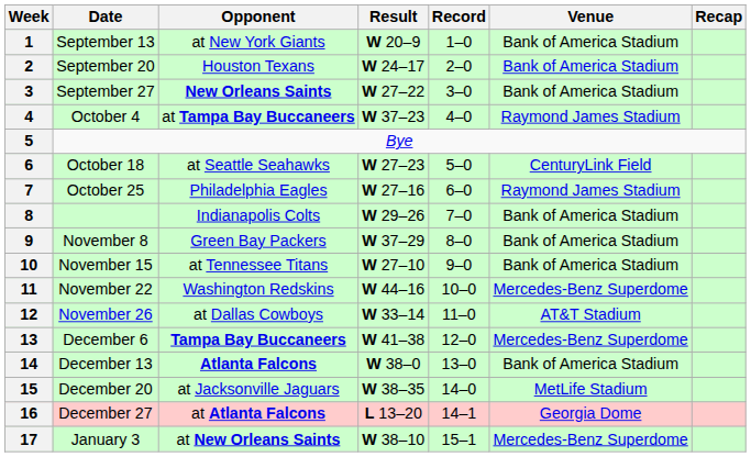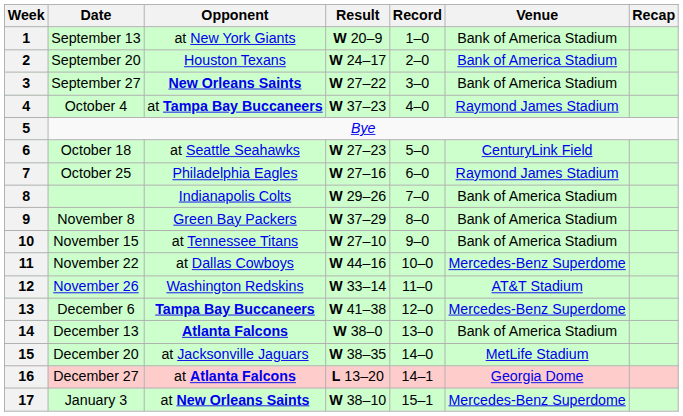 <table class="wikitable" style="text-align:center">
 <tr>
 <th>Week</th>
 <th>Date</th>
 <th>Opponent</th>
 <th>Result</th>
 <th>Record</th>
 <th>Venue</th>
 <th>Recap</th>
 </tr>
 <tr style="background:#cfc">
 <th>1</th>
 <td>September 13</td>
 <td>at <a href='#'>New York Giants</a></td>
 <td><strong>W</strong> 20–9</td>
 <td>1–0</td>
 <td>Bank of America Stadium</td>
 <td></td>
 </tr>
 <tr style="background:#cfc">
 <th>2</th>
 <td>September 20</td>
 <td><a href='#'>Houston Texans</a></td>
 <td><strong>W</strong> 24–17</td>
 <td>2–0</td>
 <td><a href='#'>Bank of America Stadium</a></td>
 <td></td>
 </tr>
 <tr style="background:#cfc">
 <th>3</th>
 <td>September 27</td>
 <td><strong><a href='#'>New Orleans Saints</a></strong></td>
 <td><strong>W</strong> 27–22</td>
 <td>3–0</td>
 <td>Bank of America Stadium</td>
 <td></td>
 </tr>
 <tr style="background:#cfc">
 <th>4</th>
 <td>October 4</td>
 <td>at <strong><a href='#'>Tampa Bay Buccaneers</a></strong></td>
 <td><strong>W</strong> 37–23</td>
 <td>4–0</td>
 <td><a href='#'>Raymond James Stadium</a></td>
 <td></td>
 </tr>
 <tr>
 <th>5</th>
 <td colspan="6"><em><a href='#'>Bye</a></em></td>
 </tr>
 <tr style="background:#cfc">
 <th>6</th>
 <td>October 18</td>
 <td>at <a href='#'>Seattle Seahawks</a></td>
 <td><strong>W</strong> 27–23</td>
 <td>5–0</td>
 <td><a href='#'>CenturyLink Field</a></td>
 <td></td>
 </tr>
 <tr style="background:#cfc">
 <th>7</th>
 <td>October 25</td>
 <td><a href='#'>Philadelphia Eagles</a></td>
 <td><strong>W</strong> 27–16</td>
 <td>6–0</td>
 <td><a href='#'>Raymond James Stadium</a></td>
 <td></td>
 </tr>
 <tr style="background:#cfc">
 <th>8</th>
 <td></td>
 <td><a href='#'>Indianapolis Colts</a></td>
 <td><strong>W</strong> 29–26 </td>
 <td>7–0</td>
 <td>Bank of America Stadium</td>
 <td></td>
 </tr>
 <tr style="background:#cfc">
 <th>9</th>
 <td>November 8</td>
 <td><a href='#'>Green Bay Packers</a></td>
 <td><strong>W</strong> 37–29</td>
 <td>8–0</td>
 <td>Bank of America Stadium</td>
 <td></td>
 </tr>
 <tr style="background:#cfc">
 <th>10</th>
 <td>November 15</td>
 <td>at <a href='#'>Tennessee Titans</a></td>
 <td><strong>W</strong> 27–10</td>
 <td>9–0</td>
 <td>Bank of America Stadium</td>
 <td></td>
 </tr>
 <tr style="background:#cfc">
 <th>11</th>
 <td>November 22</td>
-<td><a href='#'>Washington Redskins</a></td>
+<td>at <a href='#'>Dallas Cowboys</a></td>
 <td><strong>W</strong> 44–16</td>
 <td>10–0</td>
 <td><a href='#'>Mercedes-Benz Superdome</a></td>
 <td></td>
 </tr>
 <tr style="background:#cfc">
 <th>12</th>
 <td><a href='#'>November 26</a></td>
-<td>at <a href='#'>Dallas Cowboys</a></td>
+<td><a href='#'>Washington Redskins</a></td>
 <td><strong>W</strong> 33–14</td>
 <td>11–0</td>
 <td><a href='#'>AT&T Stadium</a></td>
 <td></td>
 </tr>
 <tr style="background:#cfc">
 <th>13</th>
 <td>December 6</td>
 <td><strong><a href='#'>Tampa Bay Buccaneers</a></strong></td>
 <td><strong>W</strong> 41–38</td>
 <td>12–0</td>
 <td><a href='#'>Mercedes-Benz Superdome</a></td>
 <td></td>
 </tr>
 <tr style="background:#cfc">
 <th>14</th>
 <td>December 13</td>
 <td><strong><a href='#'>Atlanta Falcons</a></strong></td>
 <td><strong>W</strong> 38–0</td>
 <td>13–0</td>
 <td>Bank of America Stadium</td>
 <td></td>
 </tr>
 <tr style="background:#cfc">
 <th>15</th>
 <td>December 20</td>
 <td>at <a href='#'>Jacksonville Jaguars</a></td>
 <td><strong>W</strong> 38–35</td>
 <td>14–0</td>
 <td><a href='#'>MetLife Stadium</a></td>
 <td></td>
 </tr>
 <tr style="background:#fcc">
 <th>16</th>
 <td>December 27</td>
 <td>at <strong><a href='#'>Atlanta Falcons</a></strong></td>
 <td><strong>L</strong> 13–20</td>
 <td>14–1</td>
 <td><a href='#'>Georgia Dome</a></td>
 <td></td>
 </tr>
 <tr style="background:#cfc">
 <th>17</th>
 <td>January 3</td>
 <td>at <strong><a href='#'>New Orleans Saints</a></strong></td>
 <td><strong>W</strong> 38–10</td>
 <td>15–1</td>
 <td><a href='#'>Mercedes-Benz Superdome</a></td>
 <td></td>
 </tr>
 </table>
